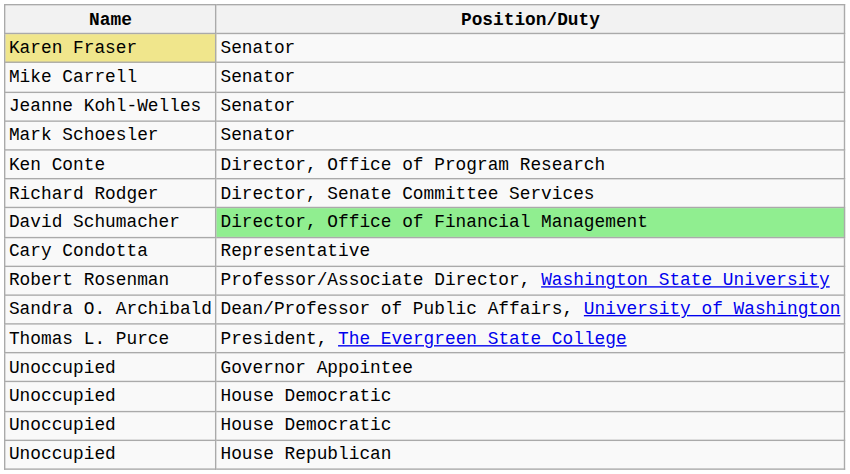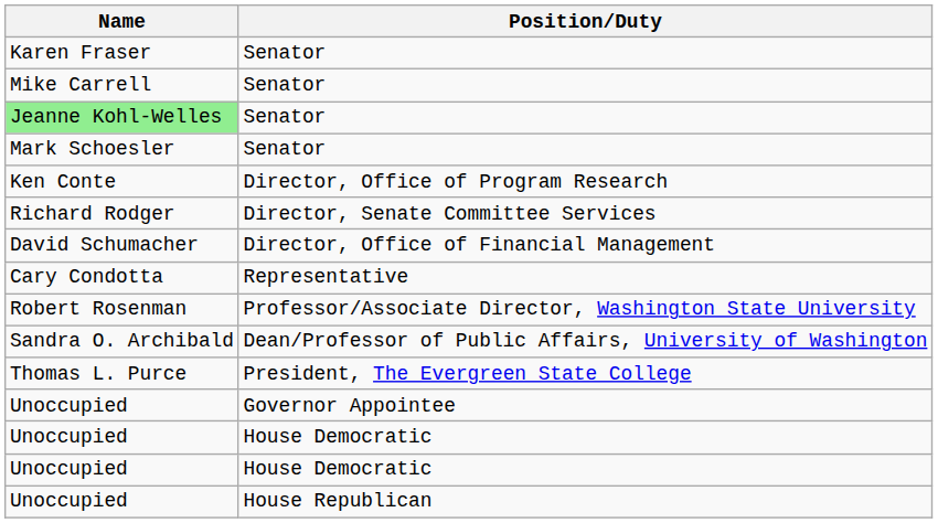 <table class="wikitable">
 <tr>
 <th>Name</th>
 <th>Position/Duty</th>
 </tr>
 <tr>
-<td style="background: khaki;">Karen Fraser</td>
+<td>Karen Fraser</td>
 <td>Senator</td>
 </tr>
 <tr>
 <td>Mike Carrell</td>
 <td>Senator</td>
 </tr>
 <tr>
-<td>Jeanne Kohl-Welles</td>
+<td style="background: lightgreen;">Jeanne Kohl-Welles</td>
 <td>Senator</td>
 </tr>
 <tr>
 <td>Mark Schoesler</td>
 <td>Senator</td>
 </tr>
 <tr>
 <td>Ken Conte</td>
 <td>Director, Office of Program Research</td>
 </tr>
 <tr>
 <td>Richard Rodger</td>
 <td>Director, Senate Committee Services</td>
 </tr>
 <tr>
 <td>David Schumacher</td>
-<td style="background: lightgreen;">Director, Office of Financial Management</td>
+<td>Director, Office of Financial Management</td>
 </tr>
 <tr>
 <td>Cary Condotta</td>
 <td>Representative</td>
 </tr>
 <tr>
 <td>Robert Rosenman</td>
 <td>Professor/Associate Director, <a href='#'>Washington State University</a></td>
 </tr>
 <tr>
 <td>Sandra O. Archibald</td>
 <td>Dean/Professor of Public Affairs, <a href='#'>University of Washington</a></td>
 </tr>
 <tr>
 <td>Thomas L. Purce</td>
 <td>President, <a href='#'>The Evergreen State College</a></td>
 </tr>
 <tr>
 <td>Unoccupied</td>
 <td>Governor Appointee</td>
 </tr>
 <tr>
 <td>Unoccupied</td>
 <td>House Democratic</td>
 </tr>
 <tr>
 <td>Unoccupied</td>
 <td>House Democratic</td>
 </tr>
 <tr>
 <td>Unoccupied</td>
 <td>House Republican</td>
 </tr>
 </table>
